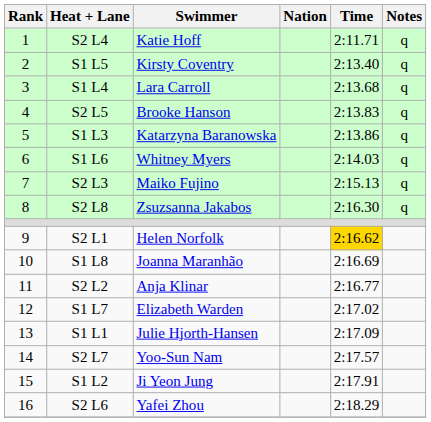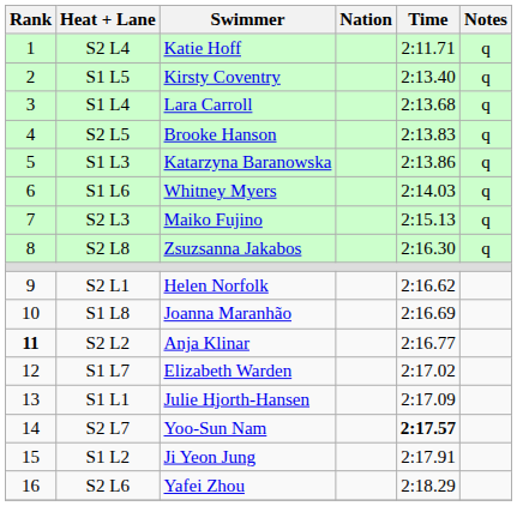 <table class="wikitable sortable" style="text-align:center">
 <tr>
 <th>Rank</th>
 <th>Heat + Lane</th>
 <th>Swimmer</th>
 <th>Nation</th>
 <th>Time</th>
 <th>Notes</th>
 </tr>
 <tr bgcolor=ccffcc>
 <td>1</td>
 <td>S2 L4</td>
 <td align=left><a href='#'>Katie Hoff</a></td>
 <td align=left></td>
 <td>2:11.71</td>
 <td>q</td>
 </tr>
 <tr bgcolor=ccffcc>
 <td>2</td>
 <td>S1 L5</td>
 <td align=left><a href='#'>Kirsty Coventry</a></td>
 <td align=left></td>
 <td>2:13.40</td>
 <td>q</td>
 </tr>
 <tr bgcolor=ccffcc>
 <td>3</td>
 <td>S1 L4</td>
 <td align=left><a href='#'>Lara Carroll</a></td>
 <td align=left></td>
 <td>2:13.68</td>
 <td>q</td>
 </tr>
 <tr bgcolor=ccffcc>
 <td>4</td>
 <td>S2 L5</td>
 <td align=left><a href='#'>Brooke Hanson</a></td>
 <td align=left></td>
 <td>2:13.83</td>
 <td>q</td>
 </tr>
 <tr bgcolor=ccffcc>
 <td>5</td>
 <td>S1 L3</td>
 <td align=left><a href='#'>Katarzyna Baranowska</a></td>
 <td align=left></td>
 <td>2:13.86</td>
 <td>q</td>
 </tr>
 <tr bgcolor=ccffcc>
 <td>6</td>
 <td>S1 L6</td>
 <td align=left><a href='#'>Whitney Myers</a></td>
 <td align=left></td>
 <td>2:14.03</td>
 <td>q</td>
 </tr>
 <tr bgcolor=ccffcc>
 <td>7</td>
 <td>S2 L3</td>
 <td align=left><a href='#'>Maiko Fujino</a></td>
 <td align=left></td>
 <td>2:15.13</td>
 <td>q</td>
 </tr>
 <tr bgcolor=ccffcc>
 <td>8</td>
 <td>S2 L8</td>
 <td align=left><a href='#'>Zsuzsanna Jakabos</a></td>
 <td align=left></td>
 <td>2:16.30</td>
 <td>q</td>
 </tr>
 <tr bgcolor=#DDDDDD>
 <td colspan=6></td>
 </tr>
 <tr>
 <td>9</td>
 <td>S2 L1</td>
 <td align=left><a href='#'>Helen Norfolk</a></td>
 <td align=left></td>
-<td style="background: gold;">2:16.62</td>
+<td>2:16.62</td>
 <td></td>
 </tr>
 <tr>
 <td>10</td>
 <td>S1 L8</td>
 <td align=left><a href='#'>Joanna Maranhão</a></td>
 <td align=left></td>
 <td>2:16.69</td>
 <td></td>
 </tr>
 <tr>
-<td>11</td>
+<td><strong>11</strong></td>
 <td>S2 L2</td>
 <td align=left><a href='#'>Anja Klinar</a></td>
 <td align=left></td>
 <td>2:16.77</td>
 <td></td>
 </tr>
 <tr>
 <td>12</td>
 <td>S1 L7</td>
 <td align=left><a href='#'>Elizabeth Warden</a></td>
 <td align=left></td>
 <td>2:17.02</td>
 <td></td>
 </tr>
 <tr>
 <td>13</td>
 <td>S1 L1</td>
 <td align=left><a href='#'>Julie Hjorth-Hansen</a></td>
 <td align=left></td>
 <td>2:17.09</td>
 <td></td>
 </tr>
 <tr>
 <td>14</td>
 <td>S2 L7</td>
 <td align=left><a href='#'>Yoo-Sun Nam</a></td>
 <td align=left></td>
-<td>2:17.57</td>
+<td><strong>2:17.57</strong></td>
 <td></td>
 </tr>
 <tr>
 <td>15</td>
 <td>S1 L2</td>
 <td align=left><a href='#'>Ji Yeon Jung</a></td>
 <td align=left></td>
 <td>2:17.91</td>
 <td></td>
 </tr>
 <tr>
 <td>16</td>
 <td>S2 L6</td>
 <td align=left><a href='#'>Yafei Zhou</a></td>
 <td align=left></td>
 <td>2:18.29</td>
 <td></td>
 </tr>
 <tr>
 </tr>
 </table>
